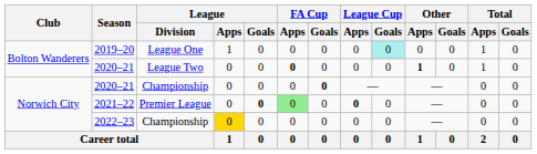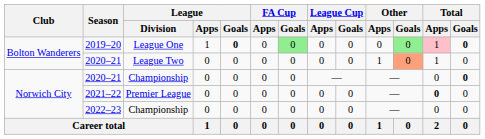 <table class="wikitable" style="text-align: center">
 <tr>
 <th rowspan="2">Club</th>
 <th rowspan="2">Season</th>
 <th colspan="3">League</th>
 <th colspan="2"><a href='#'>FA Cup</a></th>
 <th colspan="2"><a href='#'>League Cup</a></th>
 <th colspan="2">Other</th>
 <th colspan="2">Total</th>
 </tr>
 <tr>
 <th>Division</th>
 <th>Apps</th>
 <th>Goals</th>
 <th>Apps</th>
 <th>Goals</th>
 <th>Apps</th>
 <th>Goals</th>
 <th>Apps</th>
 <th>Goals</th>
 <th>Apps</th>
 <th>Goals</th>
 </tr>
 <tr>
 <td rowspan="2"><a href='#'>Bolton Wanderers</a></td>
 <td><a href='#'>2019–20</a></td>
 <td><a href='#'>League One</a></td>
 <td>1</td>
+<td><strong>0</strong></td>
+<td>0</td>
+<td style="background: lightgreen;">0</td>
 <td>0</td>
 <td>0</td>
 <td>0</td>
-<td>0</td>
-<td style="background: paleturquoise;">0</td>
-<td>0</td>
-<td>0</td>
-<td>1</td>
-<td>0</td>
+<td style="background: lightgreen;">0</td>
+<td style="background: pink;">1</td>
+<td><strong>0</strong></td>
 </tr>
 <tr>
 <td><a href='#'>2020–21</a></td>
 <td><a href='#'>League Two</a></td>
 <td>0</td>
 <td>0</td>
-<td><strong>0</strong></td>
 <td>0</td>
 <td>0</td>
 <td>0</td>
-<td><strong>1</strong></td>
 <td>0</td>
+<td>1</td>
+<td style="background: lightsalmon;">0</td>
 <td>1</td>
 <td>0</td>
 </tr>
 <tr>
 <td rowspan=3><a href='#'>Norwich City</a></td>
 <td><a href='#'>2020–21</a></td>
 <td><a href='#'>Championship</a></td>
 <td>0</td>
 <td>0</td>
 <td>0</td>
-<td><strong>0</strong></td>
+<td>0</td>
 <td colspan="2">—</td>
 <td colspan="2">—</td>
 <td>0</td>
-<td>0</td>
+<td><strong>0</strong></td>
 </tr>
 <tr>
 <td><a href='#'>2021–22</a></td>
 <td><a href='#'>Premier League</a></td>
 <td>0</td>
-<td><strong>0</strong></td>
-<td style="background: lightgreen;">0</td>
 <td>0</td>
-<td><strong>0</strong></td>
+<td>0</td>
+<td>0</td>
+<td>0</td>
 <td>0</td>
 <td colspan="2">—</td>
-<td>0</td>
+<td><strong>0</strong></td>
 <td>0</td>
 </tr>
 <tr>
 <td><a href='#'>2022–23</a></td>
 <td>Championship</td>
-<td style="background: gold;">0</td>
+<td>0</td>
 <td>0</td>
 <td>0</td>
 <td>0</td>
 <td>0</td>
 <td>0</td>
 <td colspan="2">—</td>
 <td>0</td>
 <td>0</td>
 </tr>
 <tr>
 <th colspan="3">Career total</th>
 <th>1</th>
 <th>0</th>
 <th>0</th>
 <th>0</th>
 <th>0</th>
 <th>0</th>
 <th>1</th>
 <th>0</th>
 <th>2</th>
 <th>0</th>
 </tr>
 </table>
